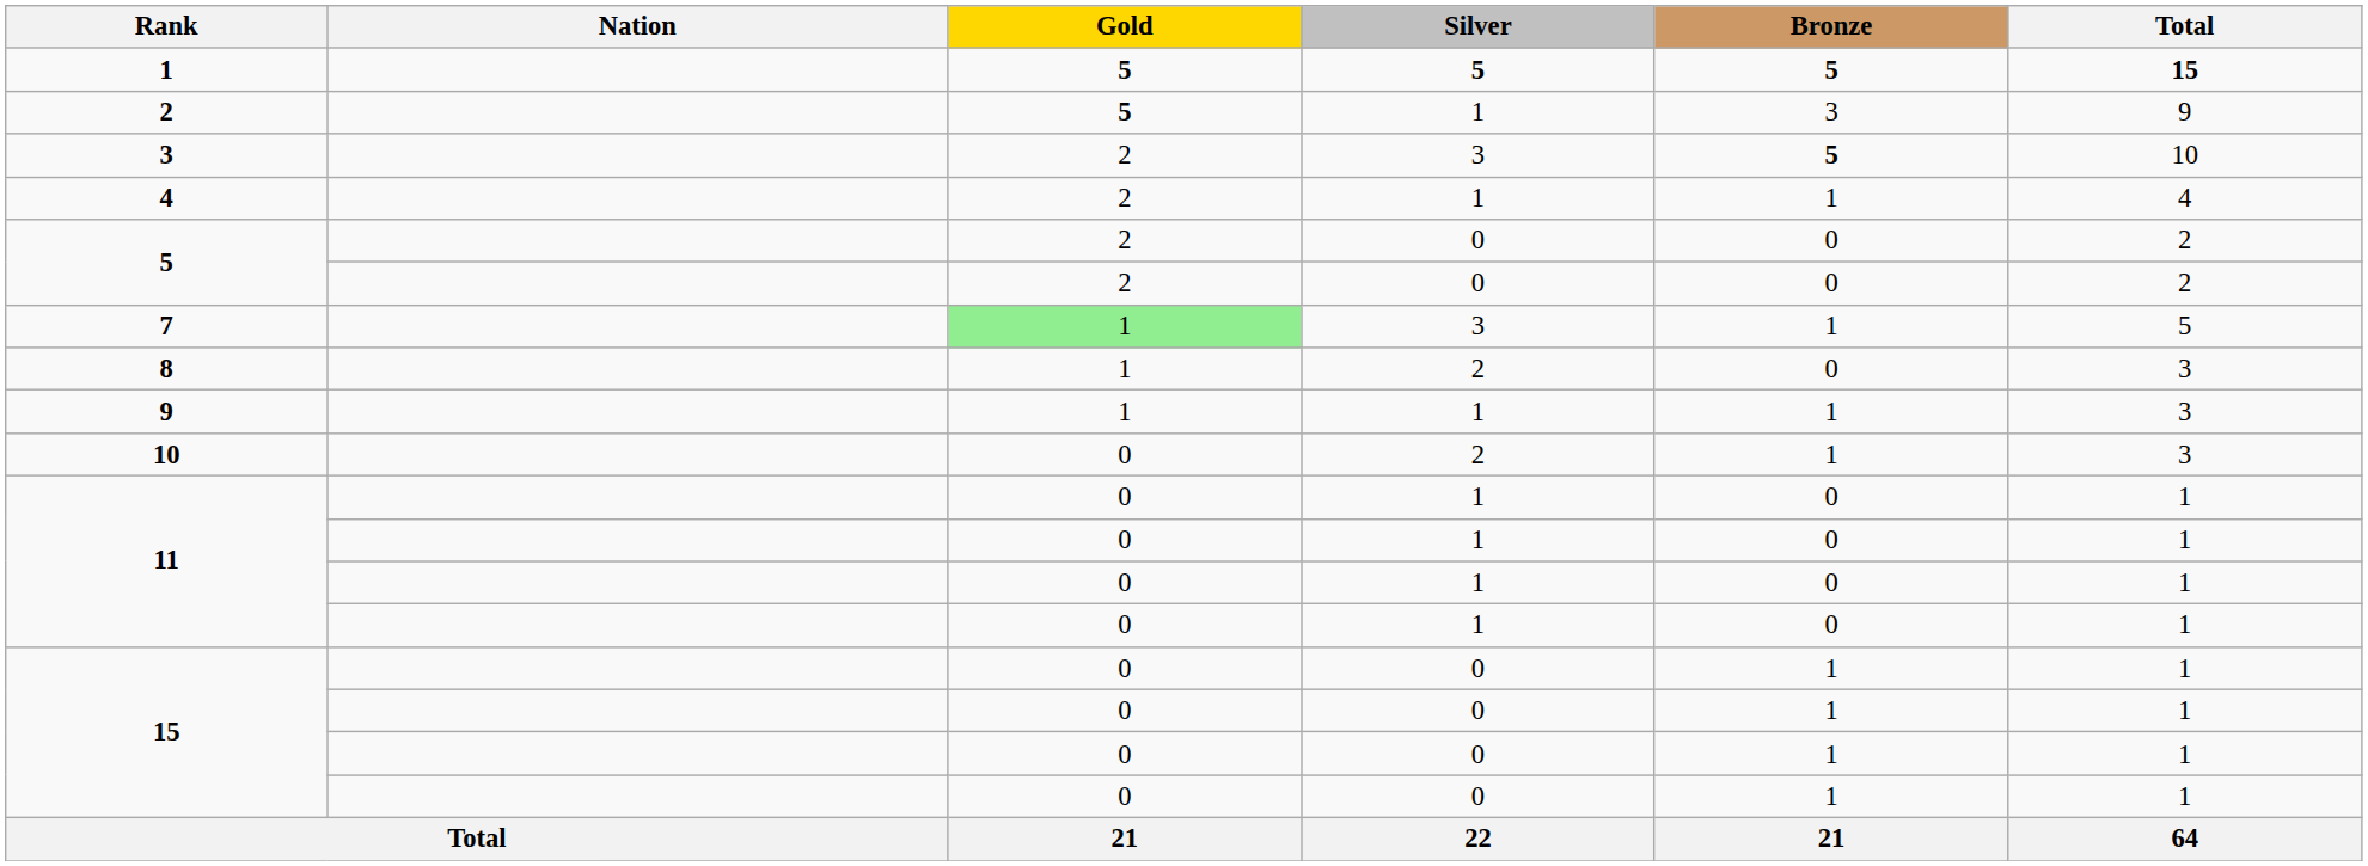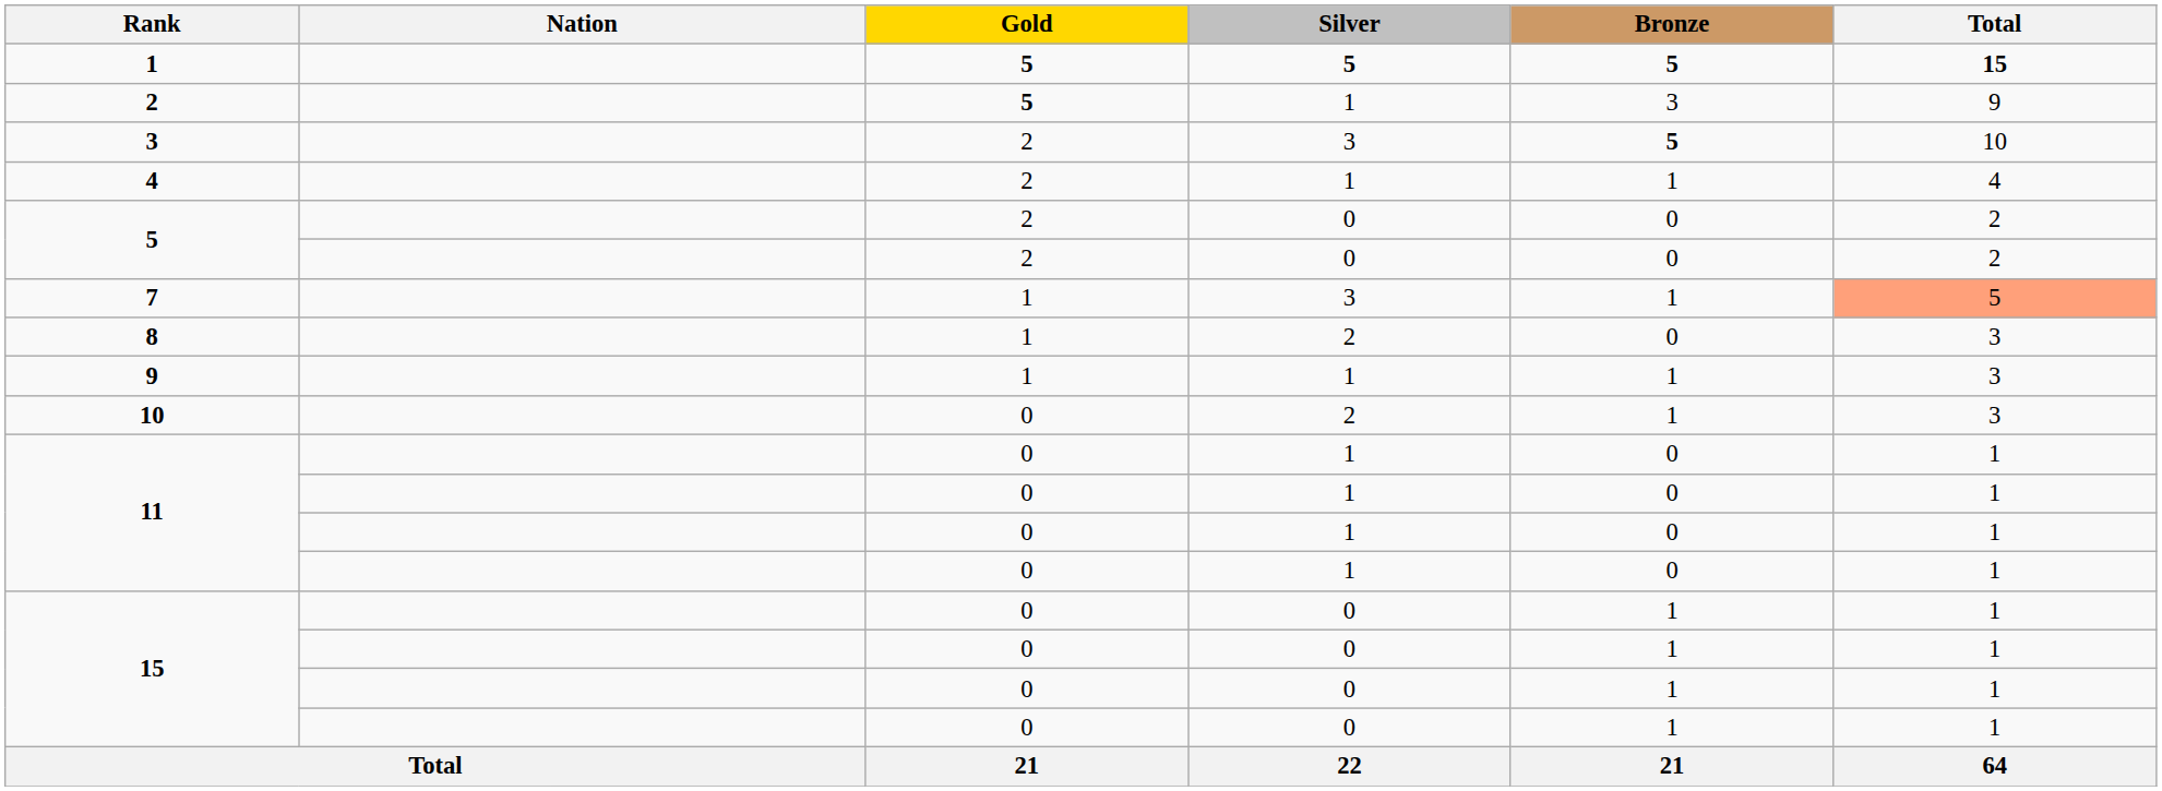 <table class="wikitable collapsible autocollapse plainrowheaders" width=70.5% style="text-align:center;">
 <tr style="background-color:#EDEDED;">
 <th width=100px class="hintergrundfarbe5">Rank</th>
 <th width=200px class="hintergrundfarbe6">Nation</th>
 <th style="background:    gold; width:15%">Gold</th>
 <th style="background:  silver; width:15%">Silver</th>
 <th style="background: #CC9966; width:15%">Bronze</th>
 <th class="hintergrundfarbe6" style="width:15%">Total</th>
 </tr>
 <tr>
 <td><strong>1</strong></td>
 <td align=left></td>
 <td><strong>5</strong></td>
 <td><strong>5</strong></td>
 <td><strong>5</strong></td>
 <td><strong>15</strong></td>
 </tr>
 <tr>
 <td><strong>2</strong></td>
 <td align=left></td>
 <td><strong>5</strong></td>
 <td>1</td>
 <td>3</td>
 <td>9</td>
 </tr>
 <tr>
 <td><strong>3</strong></td>
 <td align=left></td>
 <td>2</td>
 <td>3</td>
 <td><strong>5</strong></td>
 <td>10</td>
 </tr>
 <tr>
 <td><strong>4</strong></td>
 <td align=left></td>
 <td>2</td>
 <td>1</td>
 <td>1</td>
 <td>4</td>
 </tr>
 <tr>
 <td rowspan=2><strong>5</strong></td>
 <td align=left></td>
 <td>2</td>
 <td>0</td>
 <td>0</td>
 <td>2</td>
 </tr>
 <tr>
 <td align=left></td>
 <td>2</td>
 <td>0</td>
 <td>0</td>
 <td>2</td>
 </tr>
 <tr>
 <td><strong>7</strong></td>
 <td align=left></td>
-<td style="background: lightgreen;">1</td>
+<td>1</td>
 <td>3</td>
 <td>1</td>
-<td>5</td>
+<td style="background: lightsalmon;">5</td>
 </tr>
 <tr>
 <td><strong>8</strong></td>
 <td align=left></td>
 <td>1</td>
 <td>2</td>
 <td>0</td>
 <td>3</td>
 </tr>
 <tr>
 <td><strong>9</strong></td>
 <td align=left></td>
 <td>1</td>
 <td>1</td>
 <td>1</td>
 <td>3</td>
 </tr>
 <tr>
 <td><strong>10</strong></td>
 <td align=left><em></em></td>
 <td>0</td>
 <td>2</td>
 <td>1</td>
 <td>3</td>
 </tr>
 <tr>
 <td rowspan=4><strong>11</strong></td>
 <td align=left></td>
 <td>0</td>
 <td>1</td>
 <td>0</td>
 <td>1</td>
 </tr>
 <tr>
 <td align=left></td>
 <td>0</td>
 <td>1</td>
 <td>0</td>
 <td>1</td>
 </tr>
 <tr>
 <td align=left></td>
 <td>0</td>
 <td>1</td>
 <td>0</td>
 <td>1</td>
 </tr>
 <tr>
 <td align=left></td>
 <td>0</td>
 <td>1</td>
 <td>0</td>
 <td>1</td>
 </tr>
 <tr>
 <td rowspan=4><strong>15</strong></td>
 <td align=left></td>
 <td>0</td>
 <td>0</td>
 <td>1</td>
 <td>1</td>
 </tr>
 <tr>
 <td align=left></td>
 <td>0</td>
 <td>0</td>
 <td>1</td>
 <td>1</td>
 </tr>
 <tr>
 <td align=left></td>
 <td>0</td>
 <td>0</td>
 <td>1</td>
 <td>1</td>
 </tr>
 <tr>
 <td align=left><em></em></td>
 <td>0</td>
 <td>0</td>
 <td>1</td>
 <td>1</td>
 </tr>
 <tr>
 <th colspan=2>Total</th>
 <th>21</th>
 <th>22</th>
 <th>21</th>
 <th>64</th>
 </tr>
 </table>
